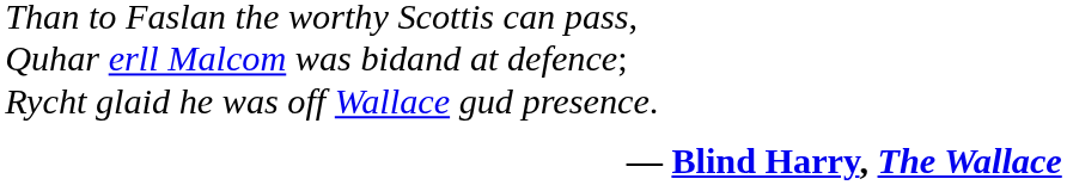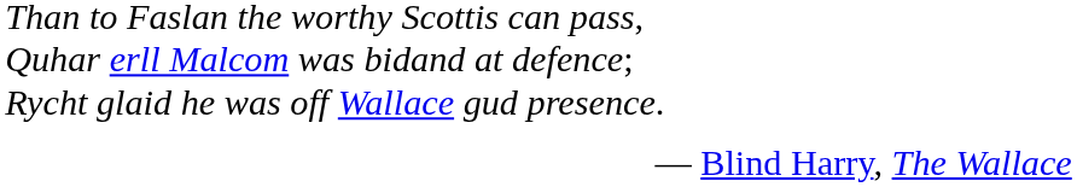 <table class="toccolours" style="float: right; margin-left: 1em; margin-right: 2em; font-size: 95%; background:#dddddd9; color:black; width:30em; max-width: 33%;" cellspacing="5">
 <tr>
 <td style="text-align: left;"><br><em>Than to Faslan the worthy Scottis can pass</em>,<br> <em>Quhar <a href='#'>erll Malcom</a> was bidand at defence</em>;<br> <em>Rycht glaid he was off <a href='#'>Wallace</a> gud presence</em>.</td>
 </tr>
 <tr>
-<td style="text-align: right;"><strong>— <a href='#'>Blind Harry</a>, <em><a href='#'>The Wallace</a></em></strong></td>
+<td style="text-align: right;">— <a href='#'>Blind Harry</a>, <em><a href='#'>The Wallace</a></em></td>
 </tr>
 </table>
